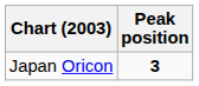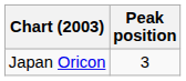 <table class="wikitable">
 <tr>
 <th>Chart (2003)</th>
 <th>Peak<br>position</th>
 </tr>
 <tr>
 <td>Japan <a href='#'>Oricon</a></td>
-<td align="center"><strong>3</strong></td>
+<td align="center">3</td>
 </tr>
 </table>
